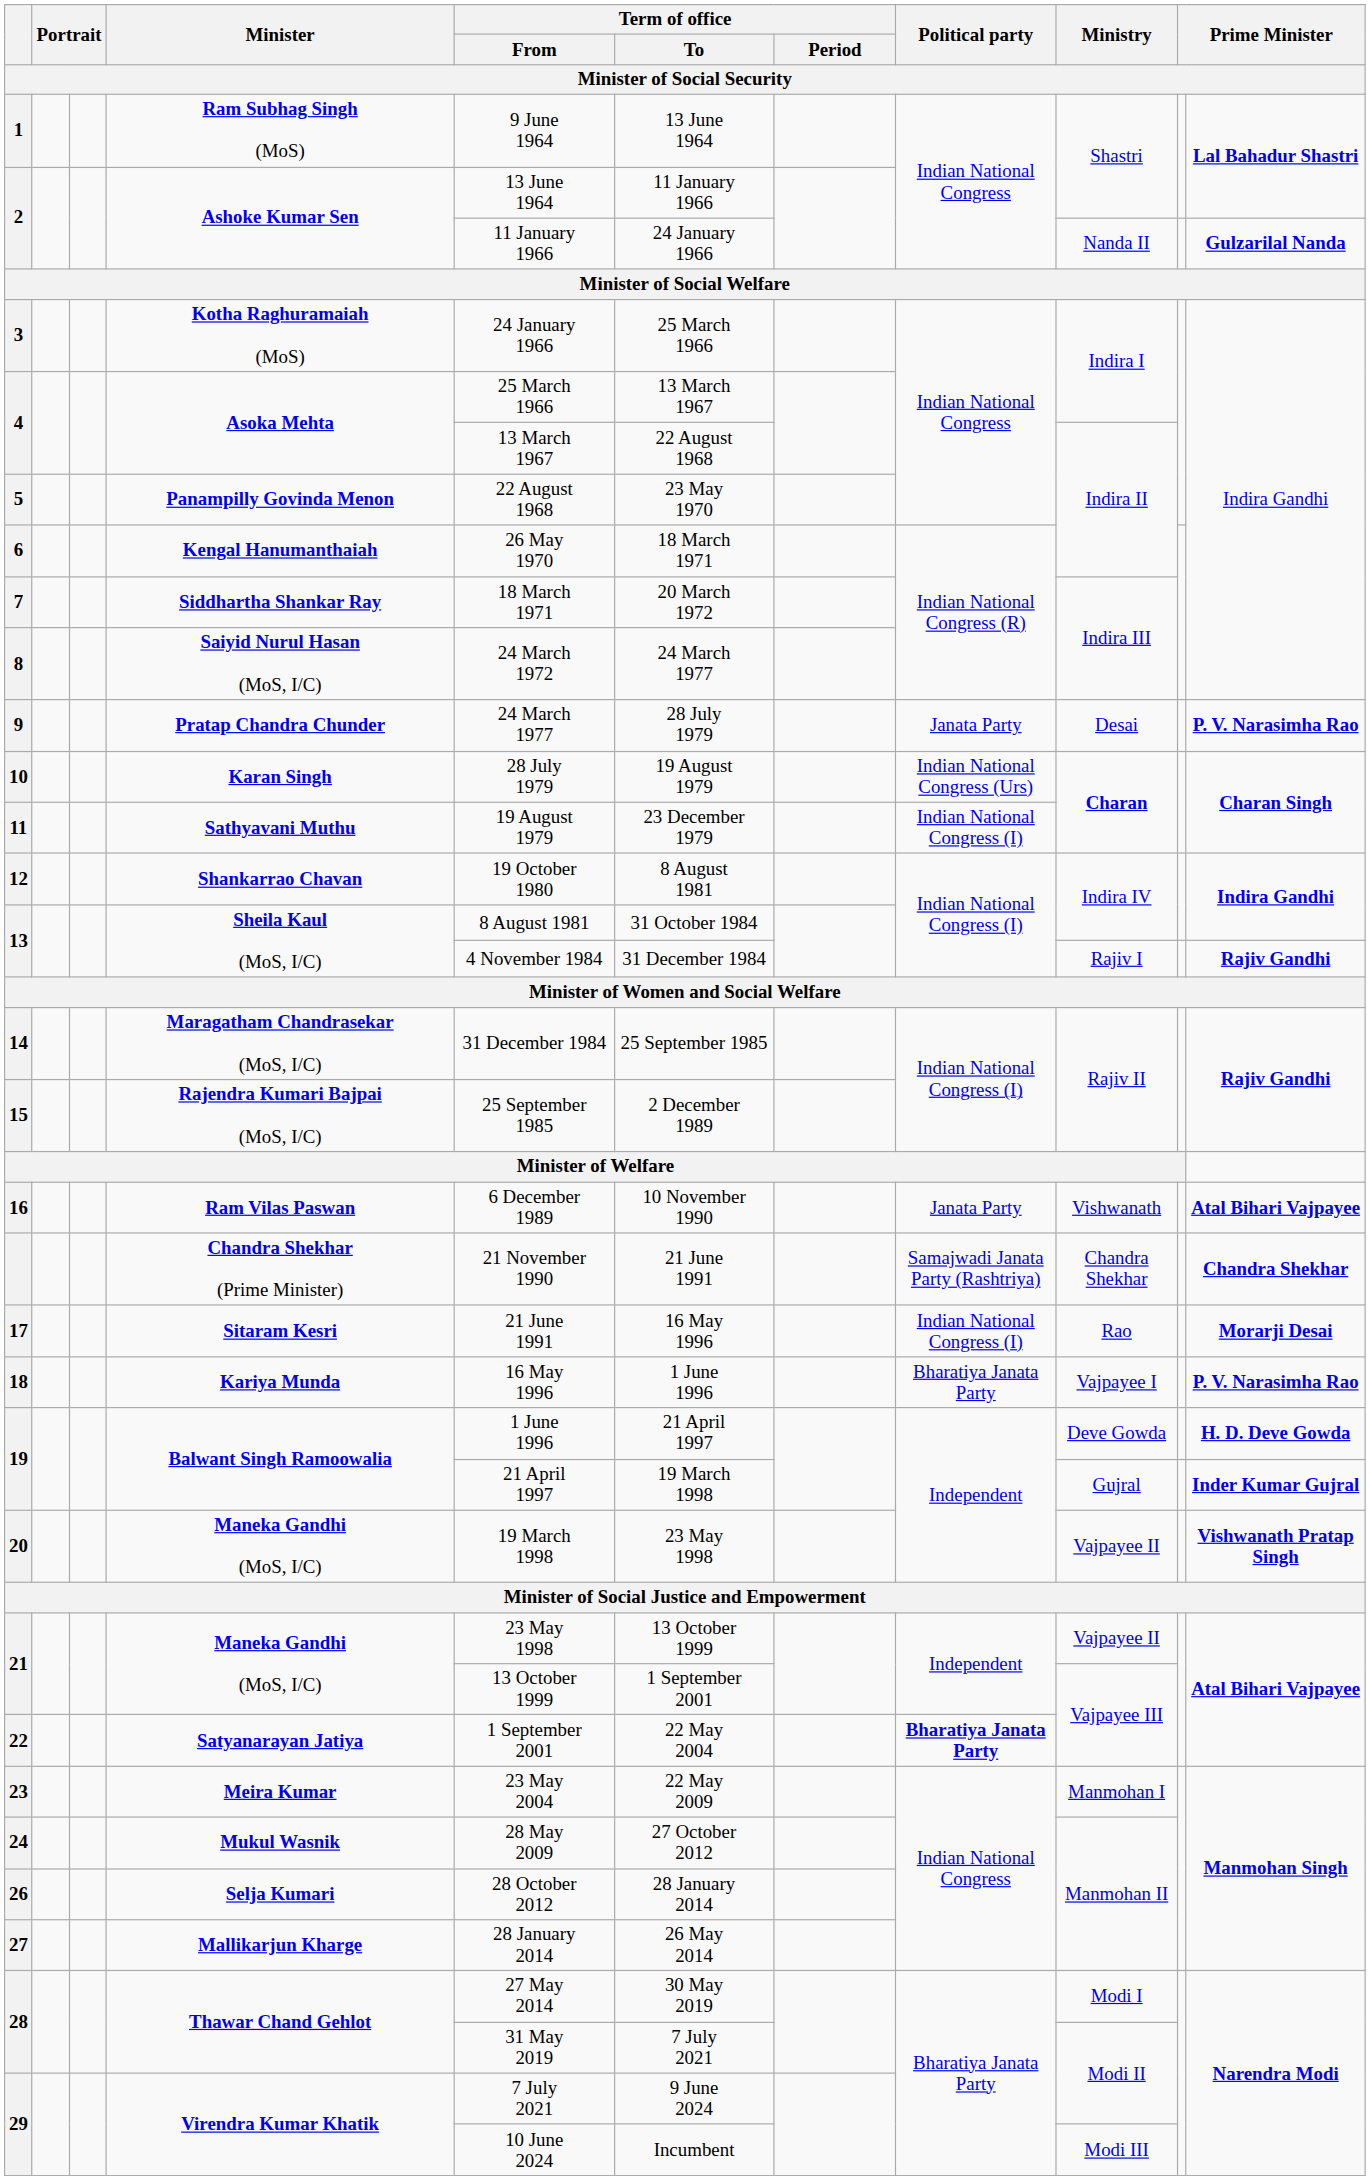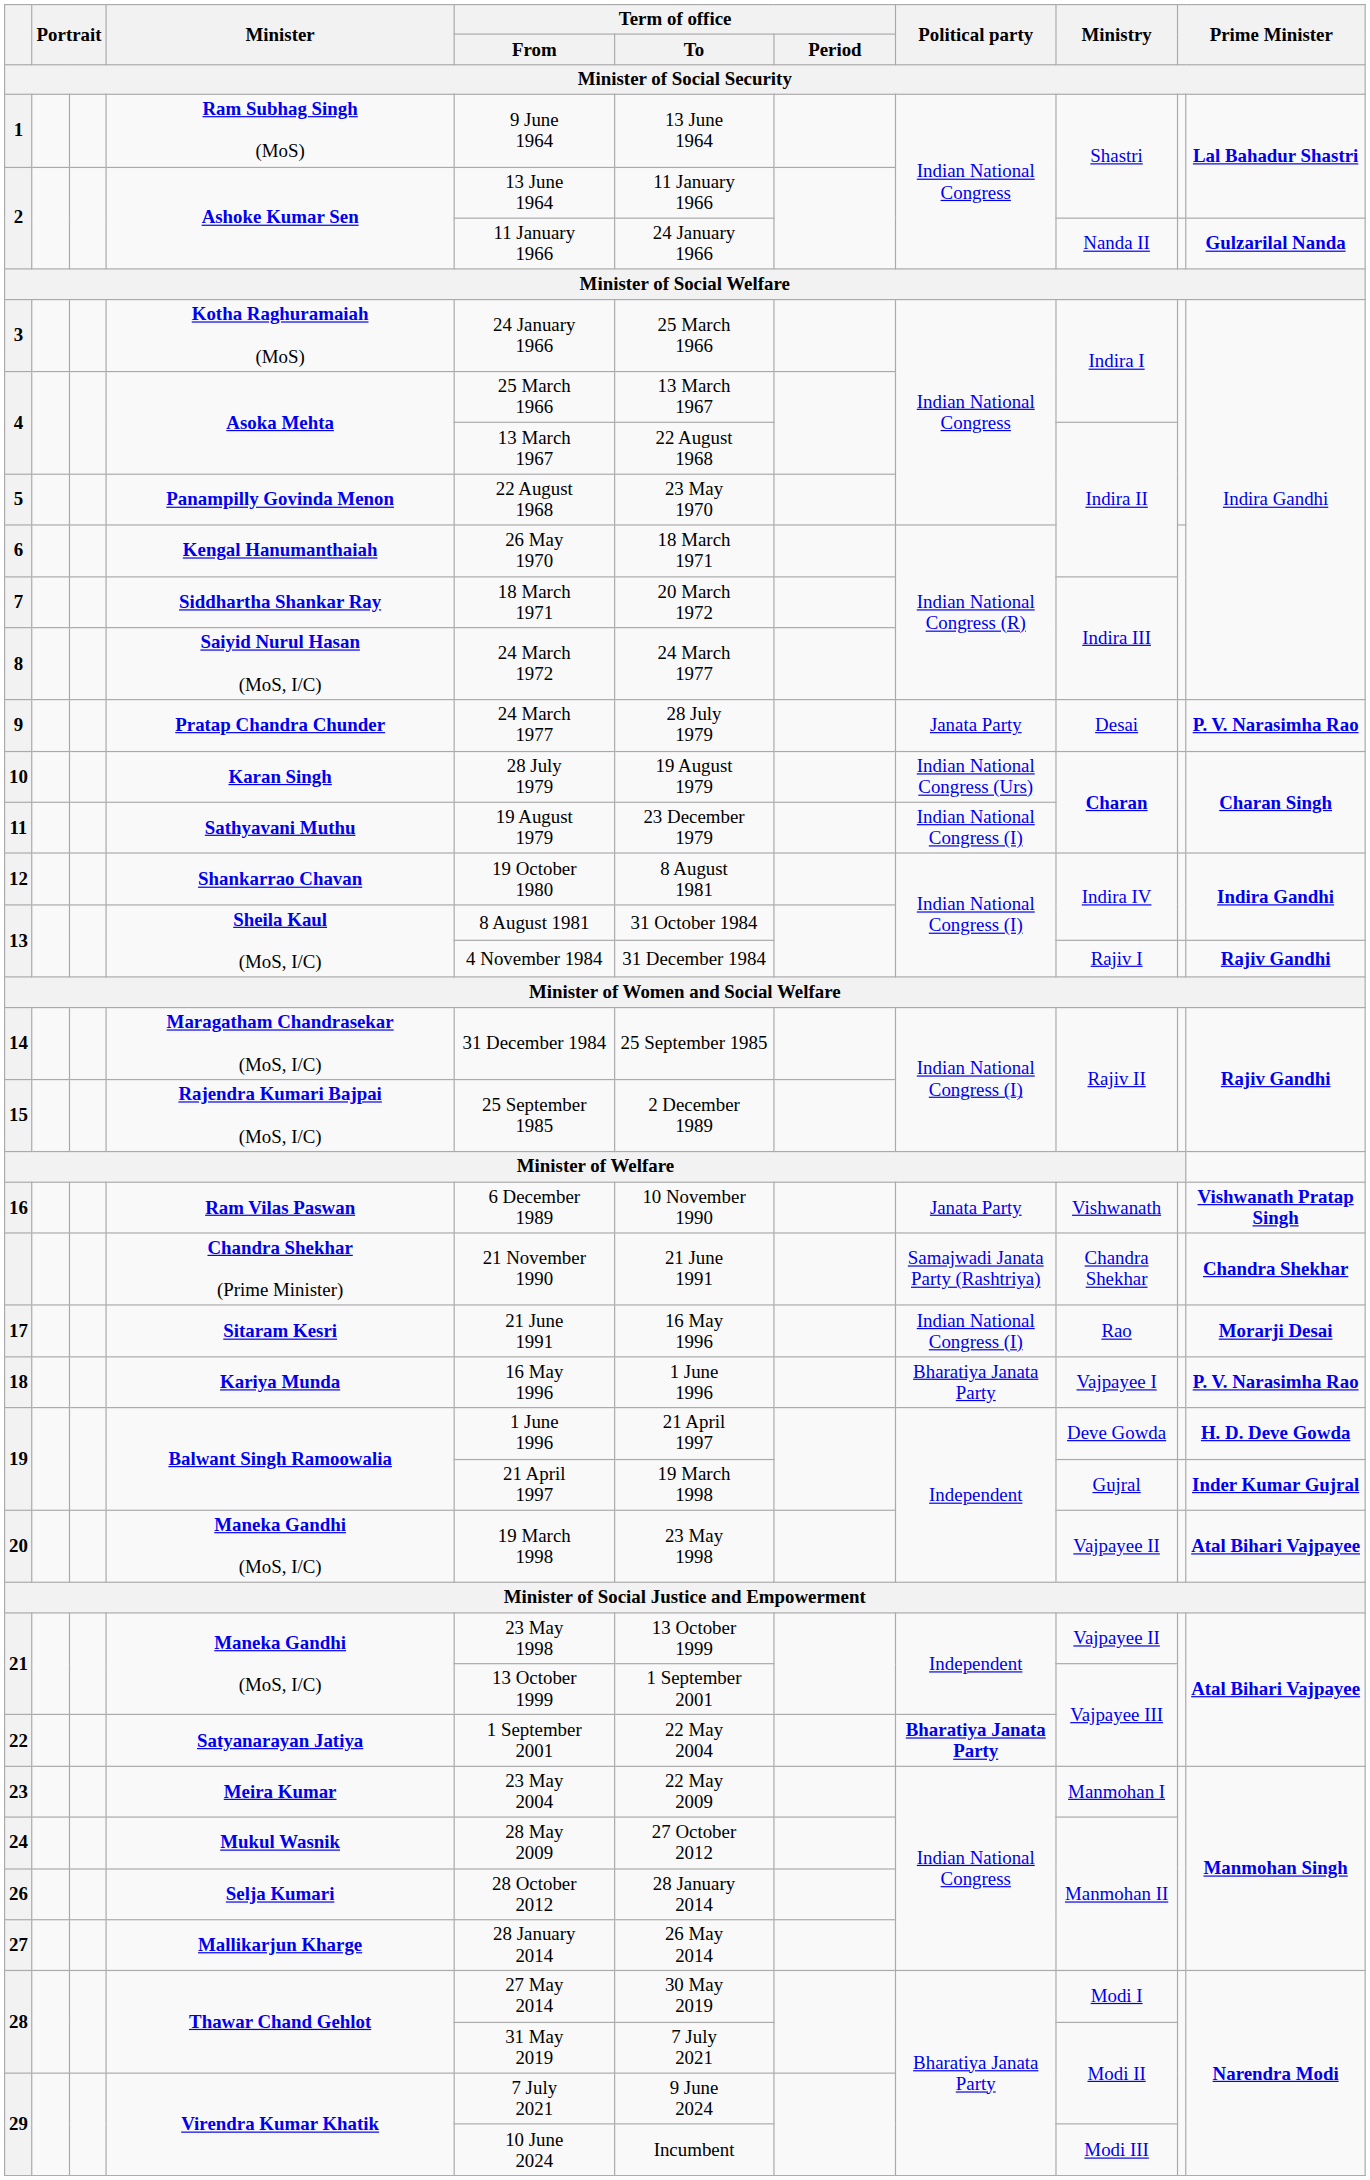 <table class="wikitable" style="text-align:center">
 <tr>
 <th rowspan="2"></th>
 <th rowspan="2" colspan="2">Portrait</th>
 <th rowspan="2" style="width:18em">Minister<br></th>
 <th colspan="3">Term of office</th>
 <th rowspan="2" style="width:8em">Political party</th>
 <th rowspan="2" style="width:6em">Ministry</th>
 <th rowspan="2" colspan="2">Prime Minister</th>
 </tr>
 <tr>
 <th style="width:8em">From</th>
 <th style="width:8em">To</th>
 <th style="width:6em">Period</th>
 </tr>
 <tr>
 <th colspan="11">Minister of Social Security</th>
 </tr>
 <tr>
 <th>1</th>
 <td></td>
 <td></td>
 <td><strong><a href='#'>Ram Subhag Singh</a></strong><br><br>(MoS)</td>
 <td>9 June<br>1964</td>
 <td>13 June<br>1964</td>
 <td><strong></strong></td>
 <td rowspan="3"><a href='#'>Indian National Congress</a></td>
 <td rowspan="2"><a href='#'>Shastri</a></td>
 <td rowspan="2"></td>
 <td rowspan="2" style="width:9em"><strong><a href='#'>Lal Bahadur Shastri</a></strong></td>
 </tr>
 <tr>
 <th rowspan="2">2</th>
 <td rowspan="2"></td>
 <td rowspan="2"></td>
 <td rowspan="2"><strong><a href='#'>Ashoke Kumar Sen</a></strong><br></td>
 <td>13 June<br>1964</td>
 <td>11 January<br>1966</td>
 <td rowspan="2"><strong></strong></td>
 </tr>
 <tr>
 <td>11 January<br>1966</td>
 <td>24 January<br>1966</td>
 <td><a href='#'>Nanda II</a></td>
 <td></td>
 <td><strong><a href='#'>Gulzarilal Nanda</a></strong></td>
 </tr>
 <tr>
 <th colspan="11">Minister of Social Welfare</th>
 </tr>
 <tr>
 <th>3</th>
 <td></td>
 <td></td>
 <td><strong><a href='#'>Kotha Raghuramaiah</a></strong><br><br>(MoS)</td>
 <td>24 January<br>1966</td>
 <td>25 March<br>1966</td>
 <td><strong></strong></td>
 <td rowspan="4"><a href='#'>Indian National Congress</a></td>
 <td rowspan="2"><a href='#'>Indira I</a></td>
 <td rowspan="4"></td>
 <td rowspan="7"><a href='#'>Indira Gandhi</a></td>
 </tr>
 <tr>
 <th rowspan="2">4</th>
 <td rowspan="2"></td>
 <td rowspan="2"></td>
 <td rowspan="2"><strong><a href='#'>Asoka Mehta</a></strong><br></td>
 <td>25 March<br>1966</td>
 <td>13 March<br>1967</td>
 <td rowspan="2"><strong></strong></td>
 </tr>
 <tr>
 <td>13 March<br>1967</td>
 <td>22 August<br>1968</td>
 <td rowspan="3"><a href='#'>Indira II</a></td>
 </tr>
 <tr>
 <th>5</th>
 <td></td>
 <td></td>
 <td><strong><a href='#'>Panampilly Govinda Menon</a></strong><br></td>
 <td>22 August<br>1968</td>
 <td>23 May<br>1970</td>
 <td><strong></strong></td>
 </tr>
 <tr>
 <th>6</th>
 <td></td>
 <td></td>
 <td><strong><a href='#'>Kengal Hanumanthaiah</a></strong><br></td>
 <td>26 May<br>1970</td>
 <td>18 March<br>1971</td>
 <td><strong></strong></td>
 <td rowspan="3"><a href='#'>Indian National Congress (R)</a></td>
 <td rowspan="3"></td>
 </tr>
 <tr>
 <th>7</th>
 <td></td>
 <td></td>
 <td><strong><a href='#'>Siddhartha Shankar Ray</a></strong><br></td>
 <td>18 March<br>1971</td>
 <td>20 March<br>1972</td>
 <td><strong></strong></td>
 <td rowspan="2"><a href='#'>Indira III</a></td>
 </tr>
 <tr>
 <th>8</th>
 <td></td>
 <td></td>
 <td><strong><a href='#'>Saiyid Nurul Hasan</a></strong><br><br>(MoS, I/C)</td>
 <td>24 March<br>1972</td>
 <td>24 March<br>1977</td>
 <td><strong></strong></td>
 </tr>
 <tr>
 <th>9</th>
 <td style="background:"></td>
 <td></td>
 <td><strong><a href='#'>Pratap Chandra Chunder</a></strong><br></td>
 <td>24 March<br>1977</td>
 <td>28 July<br>1979</td>
 <td><strong></strong></td>
 <td><a href='#'>Janata Party</a></td>
 <td><a href='#'>Desai</a></td>
 <td style="background:"></td>
 <td><strong><a href='#'>P. V. Narasimha Rao</a></strong></td>
 </tr>
 <tr>
 <th>10</th>
 <td style="background:"></td>
 <td></td>
 <td><strong><a href='#'>Karan Singh</a></strong><br></td>
 <td>28 July<br>1979</td>
 <td>19 August<br>1979</td>
 <td><strong></strong></td>
 <td><a href='#'>Indian National Congress (Urs)</a></td>
 <td rowspan="2"><strong><a href='#'>Charan</a></strong></td>
 <td rowspan="2" style="background:"></td>
 <td rowspan="2"><strong><a href='#'>Charan Singh</a></strong></td>
 </tr>
 <tr>
 <th>11</th>
 <td style="background:"></td>
 <td></td>
 <td><strong><a href='#'>Sathyavani Muthu</a></strong><br></td>
 <td>19 August<br>1979</td>
 <td>23 December<br>1979</td>
 <td><strong></strong></td>
 <td><a href='#'>Indian National Congress (I)</a></td>
 </tr>
 <tr>
 <th>12</th>
 <td></td>
 <td></td>
 <td><strong><a href='#'>Shankarrao Chavan</a></strong><br></td>
 <td>19 October<br>1980</td>
 <td>8 August<br>1981</td>
 <td><strong></strong></td>
 <td rowspan="3"><a href='#'>Indian National Congress (I)</a></td>
 <td rowspan="2"><a href='#'>Indira IV</a></td>
 <td rowspan="2"></td>
 <td rowspan="2"><strong><a href='#'>Indira Gandhi</a></strong></td>
 </tr>
 <tr>
 <th rowspan="2">13</th>
 <td rowspan="2"></td>
 <td rowspan="2"></td>
 <td rowspan="2"><strong><a href='#'>Sheila Kaul</a></strong><br><br>(MoS, I/C)</td>
 <td>8 August 1981</td>
 <td>31 October 1984</td>
 <td rowspan="2"><strong></strong></td>
 </tr>
 <tr>
 <td>4 November 1984</td>
 <td>31 December 1984</td>
 <td><a href='#'>Rajiv I</a></td>
 <td></td>
 <td><strong><a href='#'>Rajiv Gandhi</a></strong></td>
 </tr>
 <tr>
 <th colspan="11">Minister of Women and Social Welfare</th>
 </tr>
 <tr>
 <th>14</th>
 <td></td>
 <td></td>
 <td><strong><a href='#'>Maragatham Chandrasekar</a></strong><br><br>(MoS, I/C)</td>
 <td>31 December 1984</td>
 <td>25 September 1985</td>
 <td><strong></strong></td>
 <td rowspan="2"><a href='#'>Indian National Congress (I)</a></td>
 <td rowspan="2"><a href='#'>Rajiv II</a></td>
 <td rowspan="2"></td>
 <td rowspan="2"><strong><a href='#'>Rajiv Gandhi</a></strong></td>
 </tr>
 <tr>
 <th>15</th>
 <td></td>
 <td></td>
 <td><strong><a href='#'>Rajendra Kumari Bajpai</a></strong><br><br>(MoS, I/C)</td>
 <td>25 September<br>1985</td>
 <td>2 December<br>1989</td>
 <td><strong></strong></td>
 </tr>
 <tr>
 <th colspan="10">Minister of Welfare</th>
 </tr>
 <tr>
 <th>16</th>
 <td style="background:"></td>
 <td></td>
 <td><strong><a href='#'>Ram Vilas Paswan</a></strong><br></td>
 <td>6 December<br>1989</td>
 <td>10 November<br>1990</td>
 <td><strong></strong></td>
 <td><a href='#'>Janata Party</a></td>
 <td><a href='#'>Vishwanath</a></td>
 <td style="background:"></td>
-<td><strong><a href='#'>Atal Bihari Vajpayee</a></strong></td>
+<td><strong><a href='#'>Vishwanath Pratap Singh</a></strong></td>
 </tr>
 <tr>
 <th></th>
 <td></td>
 <td></td>
 <td><strong><a href='#'>Chandra Shekhar</a></strong><br><br>(Prime Minister)</td>
 <td>21 November<br>1990</td>
 <td>21 June<br>1991</td>
 <td><strong></strong></td>
 <td><a href='#'>Samajwadi Janata Party (Rashtriya)</a></td>
 <td><a href='#'>Chandra Shekhar</a></td>
 <td></td>
 <td><strong><a href='#'>Chandra Shekhar</a></strong></td>
 </tr>
 <tr>
 <th>17</th>
 <td></td>
 <td></td>
 <td><strong><a href='#'>Sitaram Kesri</a></strong><br></td>
 <td>21 June<br>1991</td>
 <td>16 May<br>1996</td>
 <td><strong></strong></td>
 <td><a href='#'>Indian National Congress (I)</a></td>
 <td><a href='#'>Rao</a></td>
 <td></td>
 <td><strong><a href='#'>Morarji Desai</a></strong></td>
 </tr>
 <tr>
 <th>18</th>
 <td></td>
 <td></td>
 <td><strong><a href='#'>Kariya Munda</a></strong><br></td>
 <td>16 May<br>1996</td>
 <td>1 June<br>1996</td>
 <td><strong></strong></td>
 <td><a href='#'>Bharatiya Janata Party</a></td>
 <td><a href='#'>Vajpayee I</a></td>
 <td></td>
 <td><strong><a href='#'>P. V. Narasimha Rao</a></strong></td>
 </tr>
 <tr>
 <th rowspan="2">19</th>
 <td rowspan="2"></td>
 <td rowspan="2"></td>
 <td rowspan="2"><strong><a href='#'>Balwant Singh Ramoowalia</a></strong><br></td>
 <td>1 June<br>1996</td>
 <td>21 April<br>1997</td>
 <td rowspan="2"><strong></strong></td>
 <td rowspan="3"><a href='#'>Independent</a></td>
 <td><a href='#'>Deve Gowda</a></td>
 <td></td>
 <td><strong><a href='#'>H. D. Deve Gowda</a></strong></td>
 </tr>
 <tr>
 <td>21 April<br>1997</td>
 <td>19 March<br>1998</td>
 <td><a href='#'>Gujral</a></td>
 <td></td>
 <td><strong><a href='#'>Inder Kumar Gujral</a></strong></td>
 </tr>
 <tr>
 <th>20</th>
 <td></td>
 <td></td>
 <td><strong><a href='#'>Maneka Gandhi</a></strong><br><br>(MoS, I/C)</td>
 <td>19 March<br>1998</td>
 <td>23 May<br>1998</td>
 <td><strong></strong></td>
 <td><a href='#'>Vajpayee II</a></td>
 <td></td>
-<td><strong><a href='#'>Vishwanath Pratap Singh</a></strong></td>
+<td><strong><a href='#'>Atal Bihari Vajpayee</a></strong></td>
 </tr>
 <tr>
 <th colspan="11">Minister of Social Justice and Empowerment</th>
 </tr>
 <tr>
 <th rowspan="2">21</th>
 <td rowspan="2"></td>
 <td rowspan="2"></td>
 <td rowspan="2"><strong><a href='#'>Maneka Gandhi</a></strong><br><br>(MoS, I/C)</td>
 <td>23 May<br>1998</td>
 <td>13 October<br>1999</td>
 <td rowspan="2"><strong></strong></td>
 <td rowspan="2"><a href='#'>Independent</a></td>
 <td><a href='#'>Vajpayee II</a></td>
 <td rowspan="3"></td>
 <td rowspan="3"><strong><a href='#'>Atal Bihari Vajpayee</a></strong></td>
 </tr>
 <tr>
 <td>13 October<br>1999</td>
 <td>1 September<br>2001</td>
 <td rowspan="2"><a href='#'>Vajpayee III</a></td>
 </tr>
 <tr>
 <th>22</th>
 <td></td>
 <td></td>
 <td><strong><a href='#'>Satyanarayan Jatiya</a></strong><br></td>
 <td>1 September<br>2001</td>
 <td>22 May<br>2004</td>
 <td><strong></strong></td>
 <td><strong><a href='#'>Bharatiya Janata Party</a></strong></td>
 </tr>
 <tr>
 <th>23</th>
 <td></td>
 <td></td>
 <td><strong><a href='#'>Meira Kumar</a></strong><br></td>
 <td>23 May<br>2004</td>
 <td>22 May<br>2009</td>
 <td><strong></strong></td>
 <td rowspan="4"><a href='#'>Indian National Congress</a></td>
 <td><a href='#'>Manmohan I</a></td>
 <td rowspan="4"></td>
 <td rowspan="4"><strong><a href='#'>Manmohan Singh</a></strong></td>
 </tr>
 <tr>
 <th>24</th>
 <td></td>
 <td></td>
 <td><strong><a href='#'>Mukul Wasnik</a></strong><br></td>
 <td>28 May<br>2009</td>
 <td>27 October<br>2012</td>
 <td><strong></strong></td>
 <td rowspan="3"><a href='#'>Manmohan II</a></td>
 </tr>
 <tr>
 <th>26</th>
 <td></td>
 <td></td>
 <td><strong><a href='#'>Selja Kumari</a></strong><br></td>
 <td>28 October<br>2012</td>
 <td>28 January<br>2014</td>
 <td><strong></strong></td>
 </tr>
 <tr>
 <th>27</th>
 <td></td>
 <td></td>
 <td><strong><a href='#'>Mallikarjun Kharge</a></strong><br></td>
 <td>28 January<br>2014</td>
 <td>26 May<br>2014</td>
 <td><strong></strong></td>
 </tr>
 <tr>
 <th rowspan="2">28</th>
 <td rowspan="2"></td>
 <td rowspan="2"></td>
 <td rowspan="2"><strong><a href='#'>Thawar Chand Gehlot</a></strong><br></td>
 <td>27 May<br>2014</td>
 <td>30 May<br>2019</td>
 <td rowspan="2"><strong></strong></td>
 <td rowspan="4"><a href='#'>Bharatiya Janata Party</a></td>
 <td><a href='#'>Modi I</a></td>
 <td rowspan="4"></td>
 <td rowspan="4"><strong><a href='#'>Narendra Modi</a></strong></td>
 </tr>
 <tr>
 <td>31 May<br>2019</td>
 <td>7 July<br>2021</td>
 <td rowspan="2"><a href='#'>Modi II</a></td>
 </tr>
 <tr>
 <th rowspan="2">29</th>
 <td rowspan="2"></td>
 <td rowspan="2"></td>
 <td rowspan="2"><strong><a href='#'>Virendra Kumar Khatik</a></strong><br></td>
 <td>7 July<br>2021</td>
 <td>9 June<br>2024</td>
 <td rowspan="2"><strong></strong></td>
 </tr>
 <tr>
 <td>10 June<br>2024</td>
 <td>Incumbent</td>
 <td><a href='#'>Modi III</a></td>
 </tr>
 <tr>
 </tr>
 </table>
